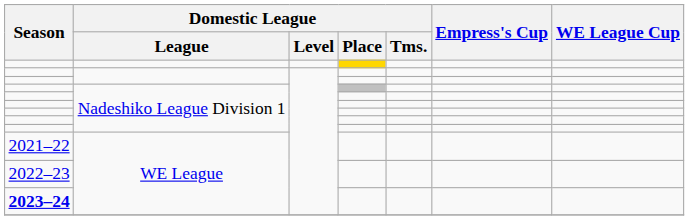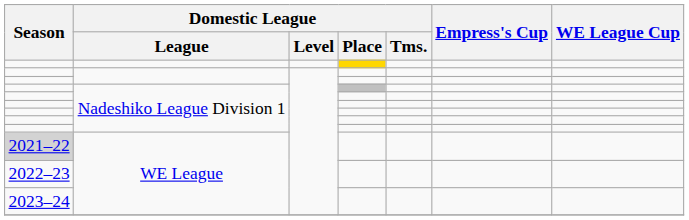 <table class="wikitable">
 <tr style="background:#f0f6fa;">
 <th rowspan="2"><strong>Season</strong></th>
 <th colspan="4"><strong>Domestic League</strong></th>
 <th rowspan="2"><strong><a href='#'>Empress's Cup</a></strong></th>
 <th rowspan="2"><strong><a href='#'>WE League Cup</a></strong></th>
 </tr>
 <tr>
 <th>League</th>
 <th>Level</th>
 <th>Place</th>
 <th>Tms.</th>
 </tr>
 <tr>
 <td></td>
 <td></td>
 <td></td>
 <td bgcolor="gold"></td>
 <td></td>
 <td></td>
 <td></td>
 </tr>
 <tr>
 <td></td>
 <td rowspan="2"></td>
 <td rowspan="11"></td>
 <td></td>
 <td></td>
 <td></td>
 <td></td>
 </tr>
 <tr>
 <td></td>
 <td></td>
 <td></td>
 <td></td>
 <td></td>
 </tr>
 <tr>
 <td></td>
 <td rowspan="6" style="text-align:center;"><a href='#'>Nadeshiko League</a> Division 1</td>
 <td bgcolor="silver"></td>
 <td></td>
 <td></td>
 <td></td>
 </tr>
 <tr>
 <td></td>
 <td></td>
 <td></td>
 <td></td>
 <td></td>
 </tr>
 <tr>
 <td></td>
 <td></td>
 <td></td>
 <td></td>
 <td></td>
 </tr>
 <tr>
 <td></td>
 <td></td>
 <td></td>
 <td></td>
 <td></td>
 </tr>
 <tr>
 <td></td>
 <td></td>
 <td></td>
 <td></td>
 <td></td>
 </tr>
 <tr>
 <td></td>
 <td></td>
 <td></td>
 <td></td>
 <td></td>
 </tr>
 <tr>
-<td style="text-align:center;"><a href='#'>2021–22</a></td>
+<td style="background: lightgrey; text-align:center;"><a href='#'>2021–22</a></td>
 <td rowspan="3" style="text-align:center;"><a href='#'>WE League</a></td>
 <td></td>
 <td></td>
 <td></td>
 <td></td>
 </tr>
 <tr>
 <td style="text-align:center;"><a href='#'>2022–23</a></td>
 <td></td>
 <td></td>
 <td></td>
 <td></td>
 </tr>
 <tr>
-<td style="text-align:center;"><strong><a href='#'>2023–24</a></strong></td>
+<td style="text-align:center;"><a href='#'>2023–24</a></td>
 <td></td>
 <td></td>
 <td></td>
 <td></td>
 </tr>
 <tr>
 </tr>
 </table>
